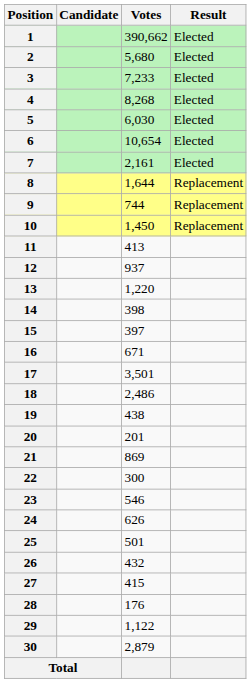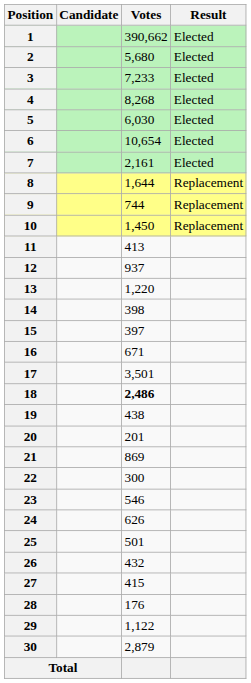 <table class="wikitable sortable col3right">
 <tr>
 <th scope="col">Position</th>
 <th scope="col">Candidate</th>
 <th scope="col">Votes</th>
 <th scope="col">Result</th>
 </tr>
 <tr bgcolor=bbf3bb>
 <th scope="row">1</th>
 <td></td>
 <td>390,662</td>
 <td>Elected</td>
 </tr>
 <tr bgcolor=bbf3bb>
 <th scope="row">2</th>
 <td></td>
 <td>5,680</td>
 <td>Elected</td>
 </tr>
 <tr bgcolor=bbf3bb>
 <th scope="row">3</th>
 <td></td>
 <td>7,233</td>
 <td>Elected</td>
 </tr>
 <tr bgcolor=bbf3bb>
 <th scope="row">4</th>
 <td></td>
 <td>8,268</td>
 <td>Elected</td>
 </tr>
 <tr bgcolor=bbf3bb>
 <th scope="row">5</th>
 <td></td>
 <td>6,030</td>
 <td>Elected</td>
 </tr>
 <tr bgcolor=bbf3bb>
 <th scope="row">6</th>
 <td></td>
 <td>10,654</td>
 <td>Elected</td>
 </tr>
 <tr bgcolor=bbf3bb>
 <th scope="row">7</th>
 <td></td>
 <td>2,161</td>
 <td>Elected</td>
 </tr>
 <tr bgcolor=#FF8>
 <th scope="row">8</th>
 <td></td>
 <td>1,644</td>
 <td>Replacement</td>
 </tr>
 <tr bgcolor=#FF8>
 <th scope="row">9</th>
 <td></td>
 <td>744</td>
 <td>Replacement</td>
 </tr>
 <tr bgcolor=#FF8>
 <th scope="row">10</th>
 <td></td>
 <td>1,450</td>
 <td>Replacement</td>
 </tr>
 <tr>
 <th scope="row">11</th>
 <td></td>
 <td>413</td>
 <td></td>
 </tr>
 <tr>
 <th scope="row">12</th>
 <td></td>
 <td>937</td>
 <td></td>
 </tr>
 <tr>
 <th scope="row">13</th>
 <td></td>
 <td>1,220</td>
 <td></td>
 </tr>
 <tr>
 <th scope="row">14</th>
 <td></td>
 <td>398</td>
 <td></td>
 </tr>
 <tr>
 <th scope="row">15</th>
 <td></td>
 <td>397</td>
 <td></td>
 </tr>
 <tr>
 <th scope="row">16</th>
 <td></td>
 <td>671</td>
 <td></td>
 </tr>
 <tr>
 <th scope="row">17</th>
 <td></td>
 <td>3,501</td>
 <td></td>
 </tr>
 <tr>
 <th scope="row">18</th>
 <td></td>
-<td>2,486</td>
+<td><strong>2,486</strong></td>
 <td></td>
 </tr>
 <tr>
 <th scope="row">19</th>
 <td></td>
 <td>438</td>
 <td></td>
 </tr>
 <tr>
 <th scope="row">20</th>
 <td></td>
 <td>201</td>
 <td></td>
 </tr>
 <tr>
 <th scope="row">21</th>
 <td></td>
 <td>869</td>
 <td></td>
 </tr>
 <tr>
 <th scope="row">22</th>
 <td></td>
 <td>300</td>
 <td></td>
 </tr>
 <tr>
 <th scope="row">23</th>
 <td></td>
 <td>546</td>
 <td></td>
 </tr>
 <tr>
 <th scope="row">24</th>
 <td></td>
 <td>626</td>
 <td></td>
 </tr>
 <tr>
 <th scope="row">25</th>
 <td></td>
 <td>501</td>
 <td></td>
 </tr>
 <tr>
 <th scope="row">26</th>
 <td></td>
 <td>432</td>
 <td></td>
 </tr>
 <tr>
 <th scope="row">27</th>
 <td></td>
 <td>415</td>
 <td></td>
 </tr>
 <tr>
 <th scope="row">28</th>
 <td></td>
 <td>176</td>
 <td></td>
 </tr>
 <tr>
 <th scope="row">29</th>
 <td></td>
 <td>1,122</td>
 <td></td>
 </tr>
 <tr>
 <th scope="row">30</th>
 <td></td>
 <td>2,879</td>
 <td></td>
 </tr>
 <tr class="sortbottom">
 <th scope="row" colspan="2">Total</th>
 <th></th>
 <th></th>
 </tr>
 </table>
